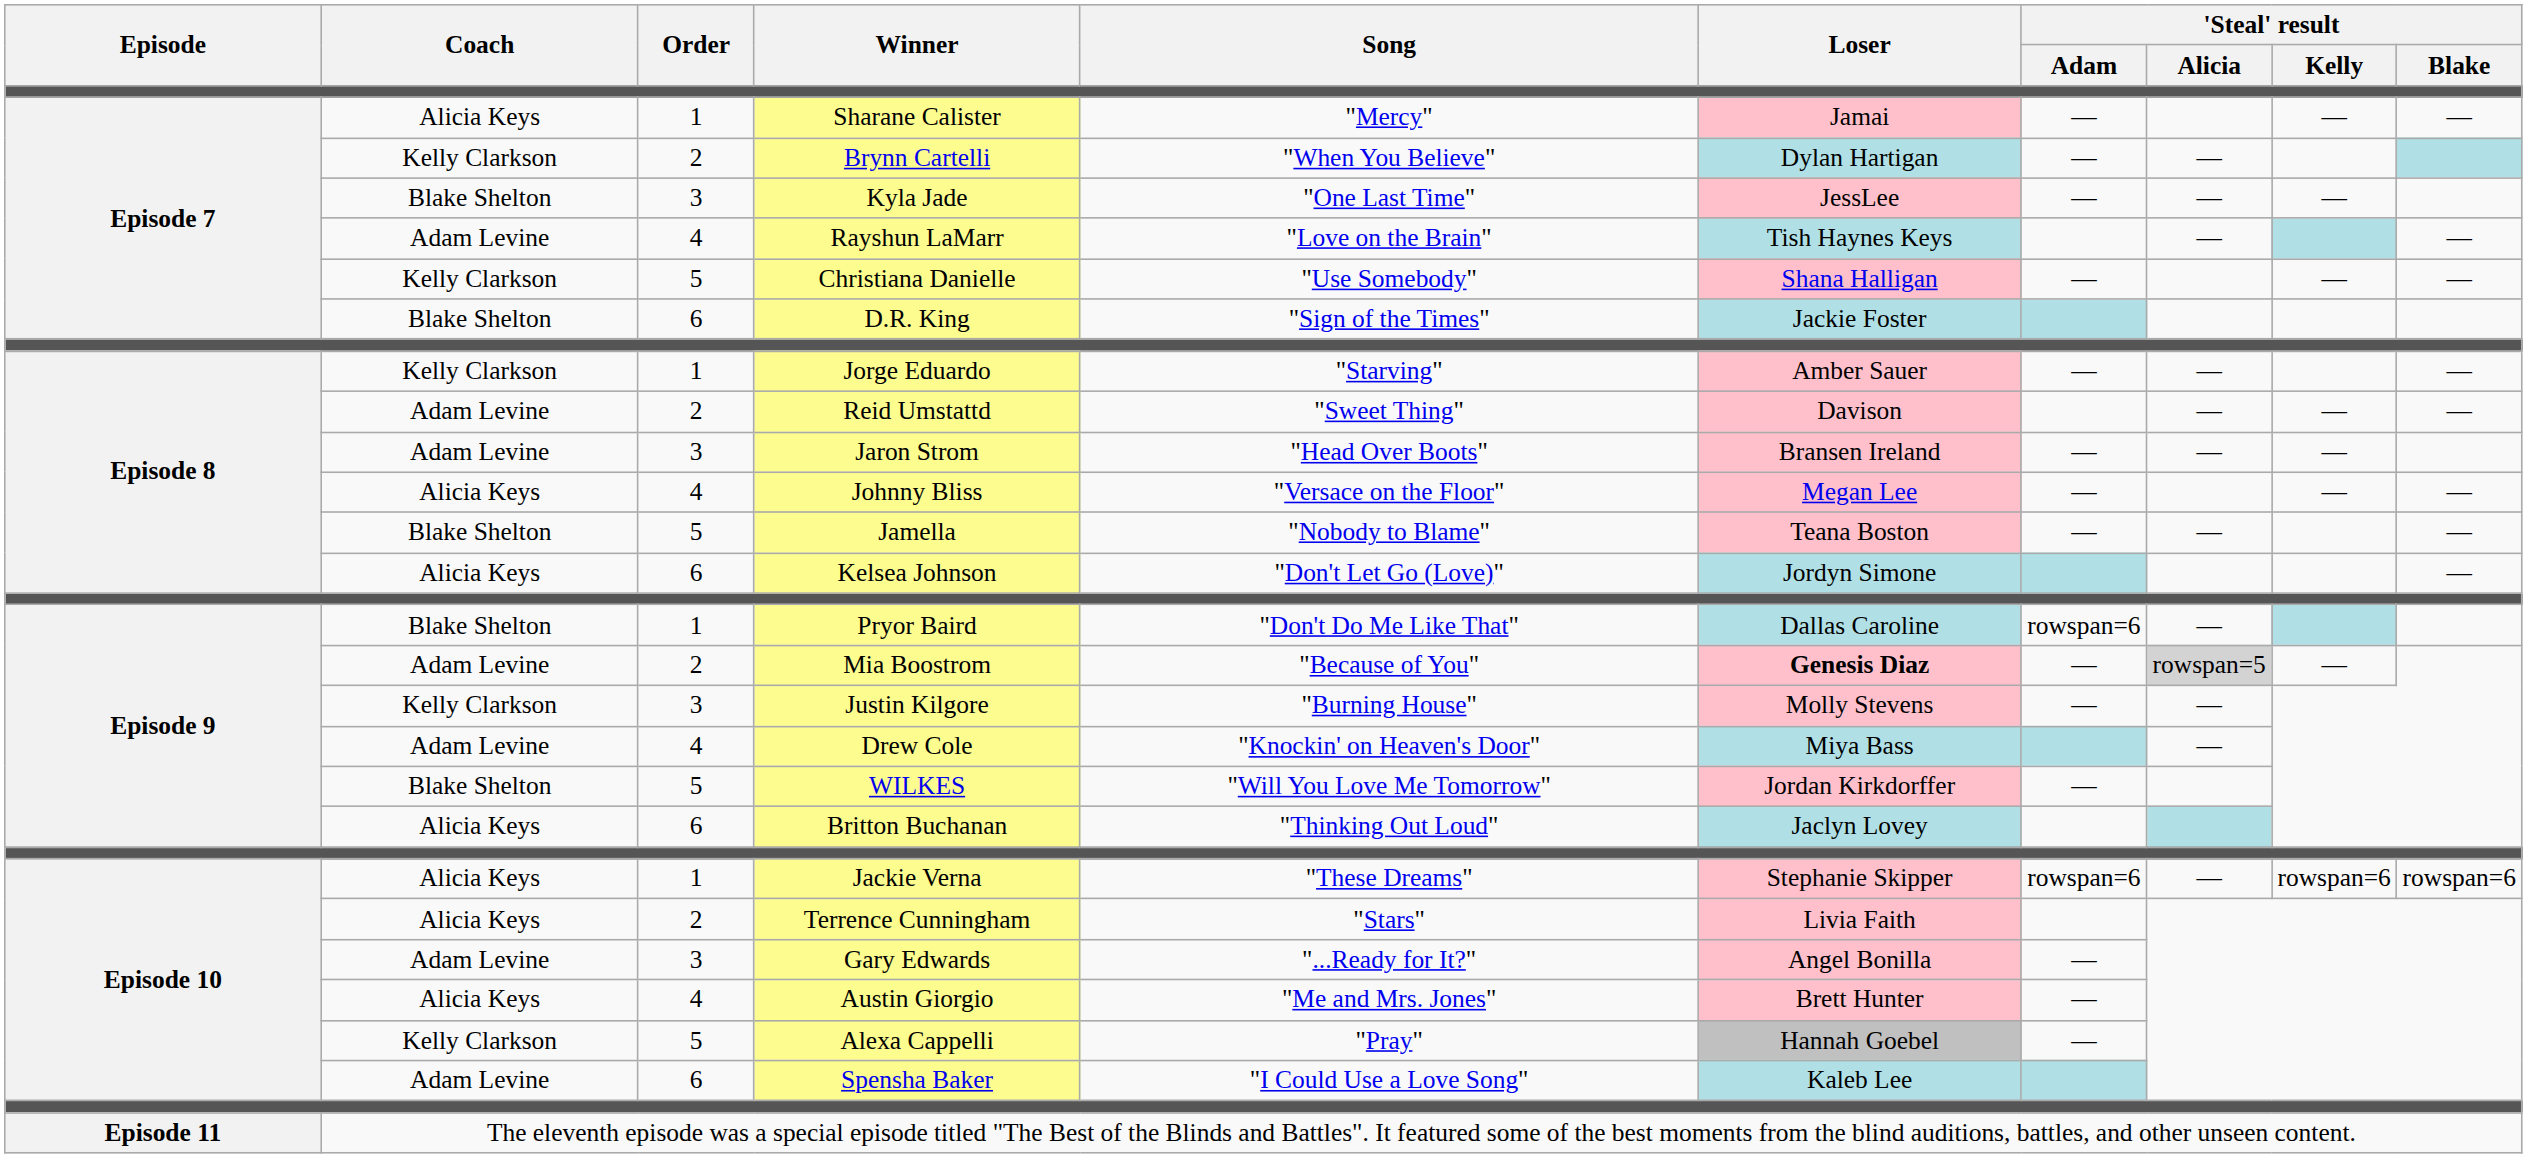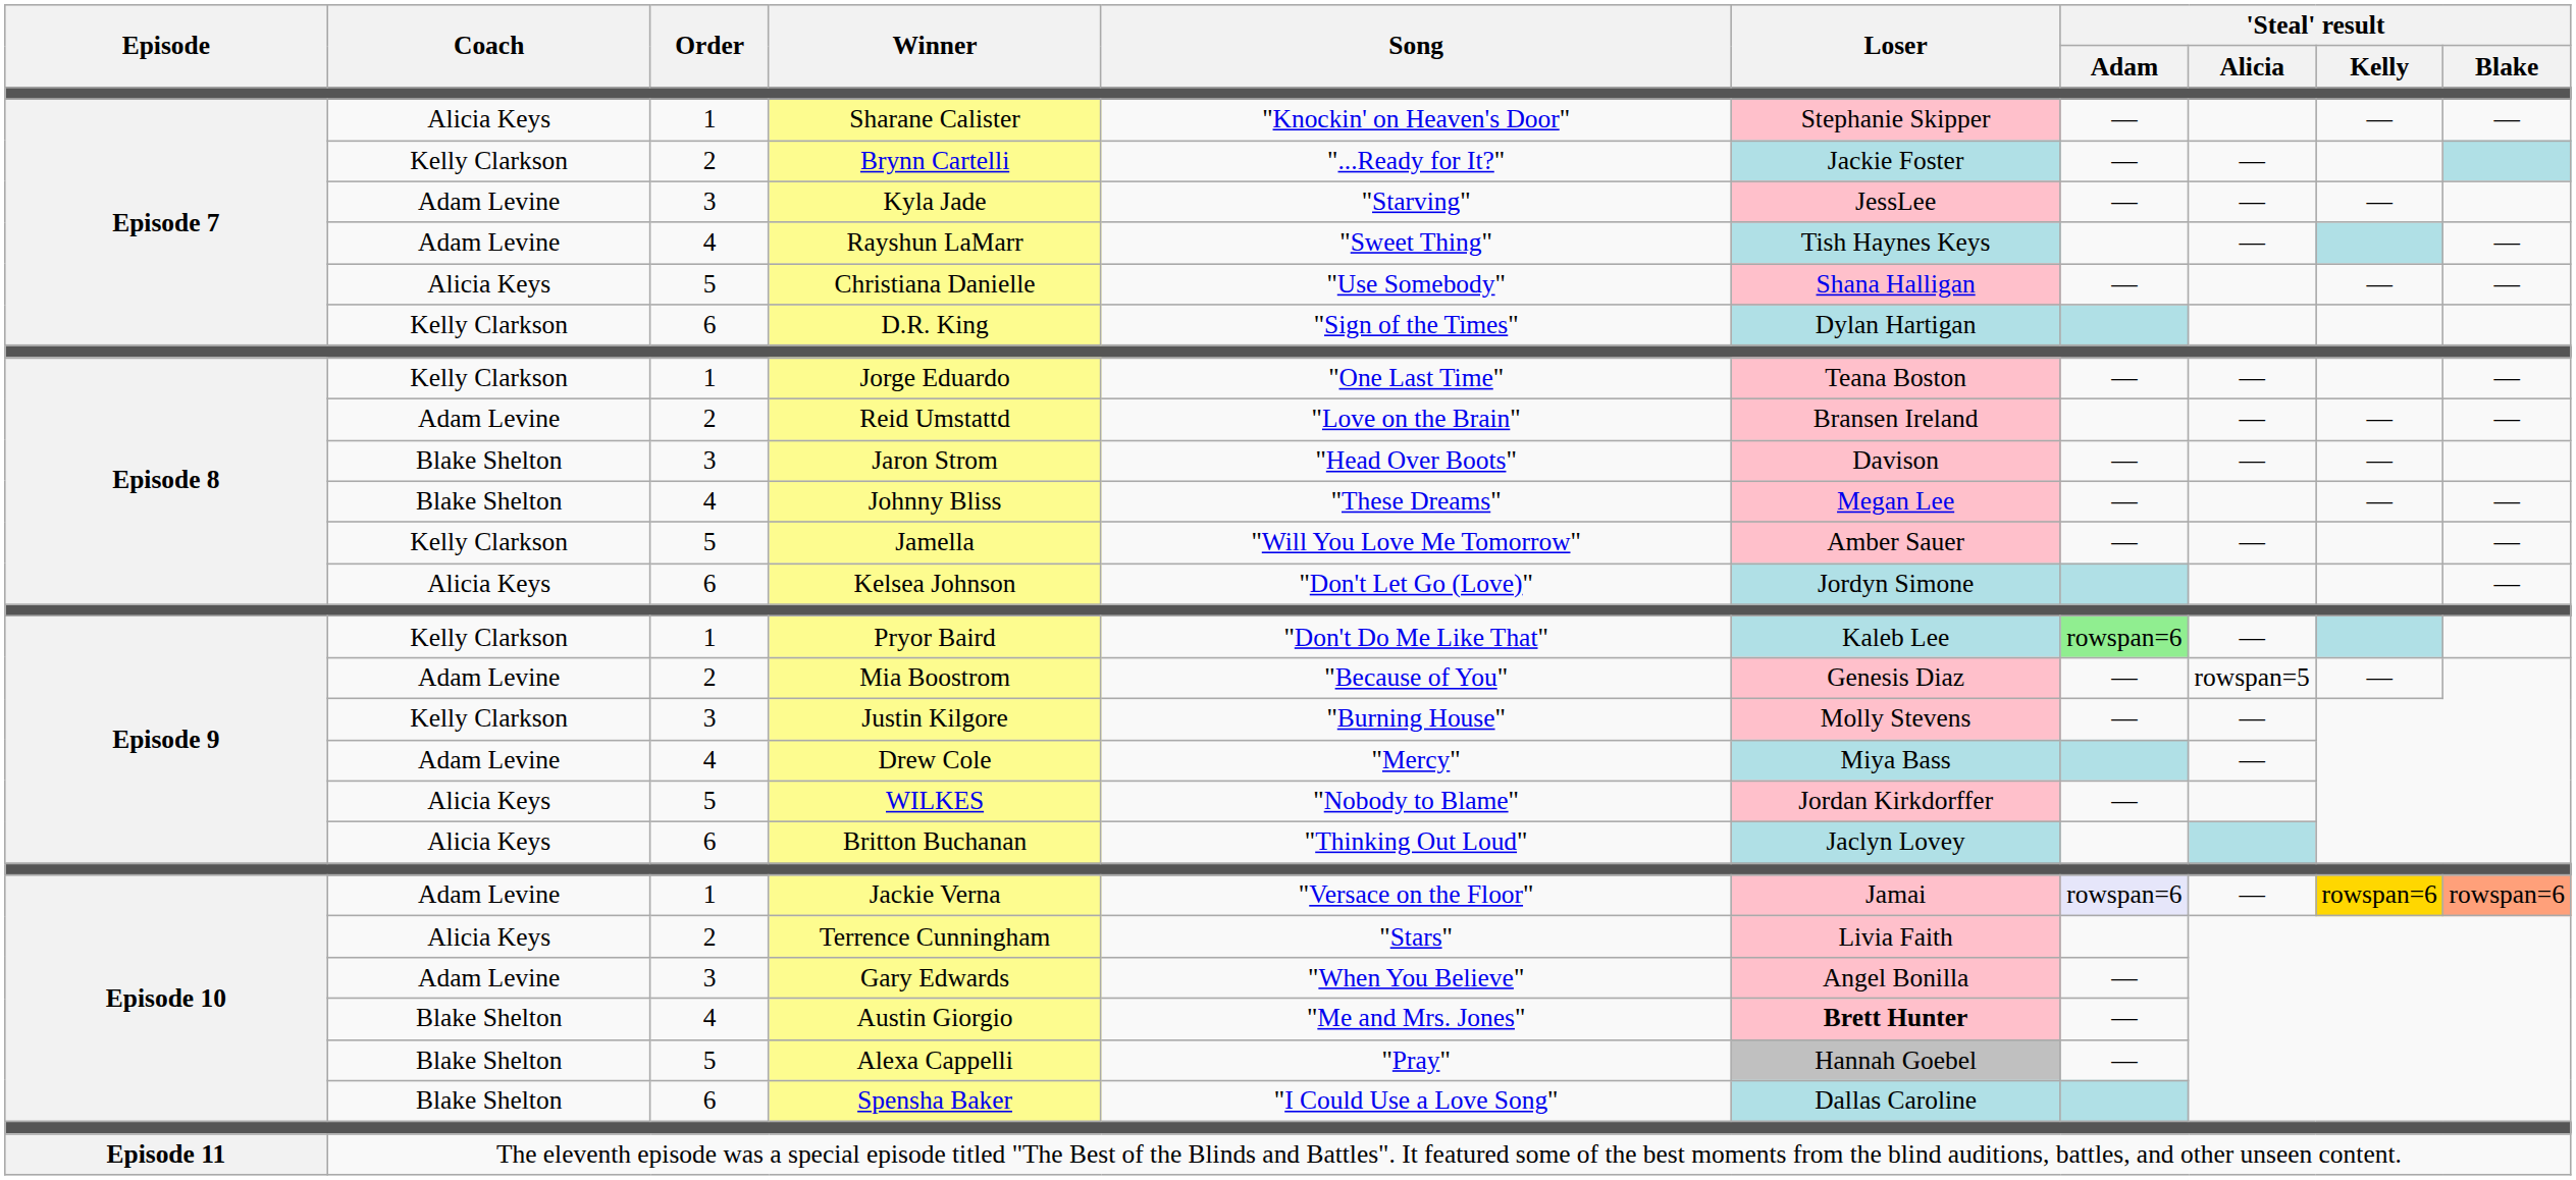 <table class="wikitable" style="text-align: center; width:100%;">
 <tr>
 <th rowspan="2" style="width:15%;">Episode</th>
 <th rowspan="2" style="width:15%;">Coach</th>
 <th rowspan="2" style="width:05%;">Order</th>
 <th rowspan="2" style="width:15%;">Winner</th>
 <th rowspan="2" style="width:30%;">Song</th>
 <th rowspan="2" style="width:15%;">Loser</th>
 <th colspan="4" style="width:20%;">'Steal' result</th>
 </tr>
 <tr>
 <th style="width:05%;">Adam</th>
 <th style="width:05%;">Alicia</th>
 <th style="width:05%;">Kelly</th>
 <th style="width:05%;">Blake</th>
 </tr>
 <tr>
 <td colspan="10" style="background:#555;"></td>
 </tr>
 <tr>
 <th rowspan="6">Episode 7<br><small></small></th>
 <td>Alicia Keys</td>
 <td>1</td>
 <td style="background:#FDFC8F;">Sharane Calister</td>
-<td>"<a href='#'>Mercy</a>"</td>
-<td bgcolor=pink>Jamai</td>
+<td>"<a href='#'>Knockin' on Heaven's Door</a>"</td>
+<td bgcolor=pink>Stephanie Skipper</td>
 <td>—</td>
 <td></td>
 <td>—</td>
 <td>—</td>
 </tr>
 <tr>
 <td>Kelly Clarkson</td>
 <td>2</td>
 <td style="background:#FDFC8F;"><a href='#'>Brynn Cartelli</a></td>
-<td>"<a href='#'>When You Believe</a>"</td>
-<td bgcolor=#b0e0e6>Dylan Hartigan</td>
+<td>"<a href='#'>...Ready for It?</a>"</td>
+<td bgcolor=#b0e0e6>Jackie Foster</td>
 <td>—</td>
 <td>—</td>
 <td></td>
 <td bgcolor=#b0e0e6><strong></strong></td>
 </tr>
 <tr>
-<td>Blake Shelton</td>
+<td>Adam Levine</td>
 <td>3</td>
 <td style="background:#FDFC8F;">Kyla Jade</td>
-<td>"<a href='#'>One Last Time</a>"</td>
+<td>"<a href='#'>Starving</a>"</td>
 <td bgcolor=pink>JessLee</td>
 <td>—</td>
 <td>—</td>
 <td>—</td>
 <td></td>
 </tr>
 <tr>
 <td>Adam Levine</td>
 <td>4</td>
 <td style="background:#FDFC8F;">Rayshun LaMarr</td>
-<td>"<a href='#'>Love on the Brain</a>"</td>
+<td>"<a href='#'>Sweet Thing</a>"</td>
 <td bgcolor=#b0e0e6>Tish Haynes Keys</td>
 <td></td>
 <td>—</td>
 <td bgcolor=#b0e0e6><strong></strong></td>
 <td>—</td>
 </tr>
 <tr>
-<td>Kelly Clarkson</td>
+<td>Alicia Keys</td>
 <td>5</td>
 <td style="background:#FDFC8F;">Christiana Danielle</td>
 <td>"<a href='#'>Use Somebody</a>"</td>
 <td bgcolor=pink><a href='#'>Shana Halligan</a></td>
 <td>—</td>
 <td></td>
 <td>—</td>
 <td>—</td>
 </tr>
 <tr>
-<td>Blake Shelton</td>
+<td>Kelly Clarkson</td>
 <td>6</td>
 <td style="background:#FDFC8F;">D.R. King</td>
 <td>"<a href='#'>Sign of the Times</a>"</td>
-<td bgcolor=#b0e0e6>Jackie Foster</td>
+<td bgcolor=#b0e0e6>Dylan Hartigan</td>
 <td bgcolor=#b0e0e6><strong></strong></td>
 <td><strong></strong></td>
 <td></td>
 <td><strong></strong></td>
 </tr>
 <tr>
 <td colspan="10" style="background:#555;"></td>
 </tr>
 <tr>
 <th rowspan="6">Episode 8<br><small></small></th>
 <td>Kelly Clarkson</td>
 <td>1</td>
 <td style="background:#FDFC8F;">Jorge Eduardo</td>
-<td>"<a href='#'>Starving</a>"</td>
-<td bgcolor=pink>Amber Sauer</td>
+<td>"<a href='#'>One Last Time</a>"</td>
+<td bgcolor=pink>Teana Boston</td>
 <td>—</td>
 <td>—</td>
 <td></td>
 <td>—</td>
 </tr>
 <tr>
 <td>Adam Levine</td>
 <td>2</td>
 <td style="background:#FDFC8F;">Reid Umstattd</td>
-<td>"<a href='#'>Sweet Thing</a>"</td>
-<td bgcolor=pink>Davison</td>
+<td>"<a href='#'>Love on the Brain</a>"</td>
+<td bgcolor=pink>Bransen Ireland</td>
 <td></td>
 <td>—</td>
 <td>—</td>
 <td>—</td>
 </tr>
 <tr>
-<td>Adam Levine</td>
+<td>Blake Shelton</td>
 <td>3</td>
 <td style="background:#FDFC8F;">Jaron Strom</td>
 <td>"<a href='#'>Head Over Boots</a>"</td>
-<td bgcolor=pink>Bransen Ireland</td>
+<td bgcolor=pink>Davison</td>
 <td>—</td>
 <td>—</td>
 <td>—</td>
 <td></td>
 </tr>
 <tr>
-<td>Alicia Keys</td>
+<td>Blake Shelton</td>
 <td>4</td>
 <td style="background:#FDFC8F;">Johnny Bliss</td>
-<td>"<a href='#'>Versace on the Floor</a>"</td>
+<td>"<a href='#'>These Dreams</a>"</td>
 <td bgcolor=pink><a href='#'>Megan Lee</a></td>
 <td>—</td>
 <td></td>
 <td>—</td>
 <td>—</td>
 </tr>
 <tr>
-<td>Blake Shelton</td>
+<td>Kelly Clarkson</td>
 <td>5</td>
 <td style="background:#FDFC8F;">Jamella</td>
-<td>"<a href='#'>Nobody to Blame</a>"</td>
-<td bgcolor=pink>Teana Boston</td>
+<td>"<a href='#'>Will You Love Me Tomorrow</a>"</td>
+<td bgcolor=pink>Amber Sauer</td>
 <td>—</td>
 <td>—</td>
 <td></td>
 <td>—</td>
 </tr>
 <tr>
 <td>Alicia Keys</td>
 <td>6</td>
 <td style="background:#FDFC8F;">Kelsea Johnson</td>
 <td>"<a href='#'>Don't Let Go (Love)</a>"</td>
 <td bgcolor=#b0e0e6>Jordyn Simone</td>
 <td bgcolor=#b0e0e6><strong></strong></td>
 <td></td>
 <td><strong></strong></td>
 <td>—</td>
 </tr>
 <tr>
 <td colspan="10" style="background:#555;"></td>
 </tr>
 <tr>
 <th rowspan="6">Episode 9<br><small></small></th>
-<td>Blake Shelton</td>
+<td>Kelly Clarkson</td>
 <td>1</td>
 <td style="background:#FDFC8F;">Pryor Baird</td>
 <td>"<a href='#'>Don't Do Me Like That</a>"</td>
-<td bgcolor=#b0e0e6>Dallas Caroline</td>
-<td>rowspan=6 </td>
+<td bgcolor=#b0e0e6>Kaleb Lee</td>
+<td style="background: lightgreen;">rowspan=6 </td>
 <td>—</td>
 <td bgcolor=#b0e0e6><strong></strong></td>
 <td></td>
 </tr>
 <tr>
 <td>Adam Levine</td>
 <td>2</td>
 <td style="background:#FDFC8F;">Mia Boostrom</td>
 <td>"<a href='#'>Because of You</a>"</td>
-<td bgcolor=pink><strong>Genesis Diaz</strong></td>
+<td bgcolor=pink>Genesis Diaz</td>
 <td>—</td>
-<td style="background: lightgrey;">rowspan=5 </td>
+<td>rowspan=5 </td>
 <td>—</td>
 </tr>
 <tr>
 <td>Kelly Clarkson</td>
 <td>3</td>
 <td style="background:#FDFC8F;">Justin Kilgore</td>
 <td>"<a href='#'>Burning House</a>"</td>
 <td bgcolor=pink>Molly Stevens</td>
 <td>—</td>
 <td>—</td>
 </tr>
 <tr>
 <td>Adam Levine</td>
 <td>4</td>
 <td style="background:#FDFC8F;">Drew Cole</td>
-<td>"<a href='#'>Knockin' on Heaven's Door</a>"</td>
+<td>"<a href='#'>Mercy</a>"</td>
 <td bgcolor=#b0e0e6>Miya Bass</td>
 <td bgcolor=#b0e0e6><strong></strong></td>
 <td>—</td>
 </tr>
 <tr>
-<td>Blake Shelton</td>
+<td>Alicia Keys</td>
 <td>5</td>
 <td style="background:#FDFC8F;"><a href='#'>WILKES</a></td>
-<td>"<a href='#'>Will You Love Me Tomorrow</a>"</td>
+<td>"<a href='#'>Nobody to Blame</a>"</td>
 <td bgcolor=pink>Jordan Kirkdorffer</td>
 <td>—</td>
 <td></td>
 </tr>
 <tr>
 <td>Alicia Keys</td>
 <td>6</td>
 <td style="background:#FDFC8F;">Britton Buchanan</td>
 <td>"<a href='#'>Thinking Out Loud</a>"</td>
 <td bgcolor=#b0e0e6>Jaclyn Lovey</td>
 <td></td>
 <td bgcolor=#b0e0e6><strong></strong></td>
 </tr>
 <tr>
 <td colspan="10" style="background:#555;"></td>
 </tr>
 <tr>
 <th rowspan="6">Episode 10<br><small></small></th>
-<td>Alicia Keys</td>
+<td>Adam Levine</td>
 <td>1</td>
 <td style="background:#FDFC8F;">Jackie Verna</td>
-<td>"<a href='#'>These Dreams</a>"</td>
-<td bgcolor=pink>Stephanie Skipper</td>
-<td>rowspan=6 </td>
+<td>"<a href='#'>Versace on the Floor</a>"</td>
+<td bgcolor=pink>Jamai</td>
+<td style="background: lavender;">rowspan=6 </td>
 <td>—</td>
-<td>rowspan=6 </td>
-<td>rowspan=6 </td>
+<td style="background: gold;">rowspan=6 </td>
+<td style="background: lightsalmon;">rowspan=6 </td>
 </tr>
 <tr>
 <td>Alicia Keys</td>
 <td>2</td>
 <td style="background:#FDFC8F;">Terrence Cunningham</td>
 <td>"<a href='#'>Stars</a>"</td>
 <td bgcolor=pink>Livia Faith</td>
 <td></td>
 </tr>
 <tr>
 <td>Adam Levine</td>
 <td>3</td>
 <td style="background:#FDFC8F;">Gary Edwards</td>
-<td>"<a href='#'>...Ready for It?</a>"</td>
+<td>"<a href='#'>When You Believe</a>"</td>
 <td bgcolor="pink">Angel Bonilla</td>
 <td>—</td>
 </tr>
 <tr>
-<td>Alicia Keys</td>
+<td>Blake Shelton</td>
 <td>4</td>
 <td style="background:#FDFC8F;">Austin Giorgio</td>
 <td>"<a href='#'>Me and Mrs. Jones</a>"</td>
-<td bgcolor=pink>Brett Hunter</td>
+<td bgcolor=pink><strong>Brett Hunter</strong></td>
 <td>—</td>
 </tr>
 <tr>
-<td>Kelly Clarkson</td>
+<td>Blake Shelton</td>
 <td>5</td>
 <td style="background:#FDFC8F;">Alexa Cappelli</td>
 <td>"<a href='#'>Pray</a>"</td>
 <td bgcolor=silver>Hannah Goebel</td>
 <td>—</td>
 </tr>
 <tr>
-<td>Adam Levine</td>
+<td>Blake Shelton</td>
 <td>6</td>
 <td style="background:#FDFC8F;"><a href='#'>Spensha Baker</a></td>
 <td>"<a href='#'>I Could Use a Love Song</a>"</td>
-<td bgcolor=#b0e0e6>Kaleb Lee</td>
+<td bgcolor=#b0e0e6>Dallas Caroline</td>
 <td bgcolor=#b0e0e6><strong></strong></td>
 </tr>
 <tr>
 <td colspan="10" style="background:#555;"></td>
 </tr>
 <tr>
 <th>Episode 11<br><small></small></th>
 <td colspan="9">The eleventh episode was a special episode titled "The Best of the Blinds and Battles". It featured some of the best moments from the blind auditions, battles, and other unseen content.</td>
 </tr>
 </table>
